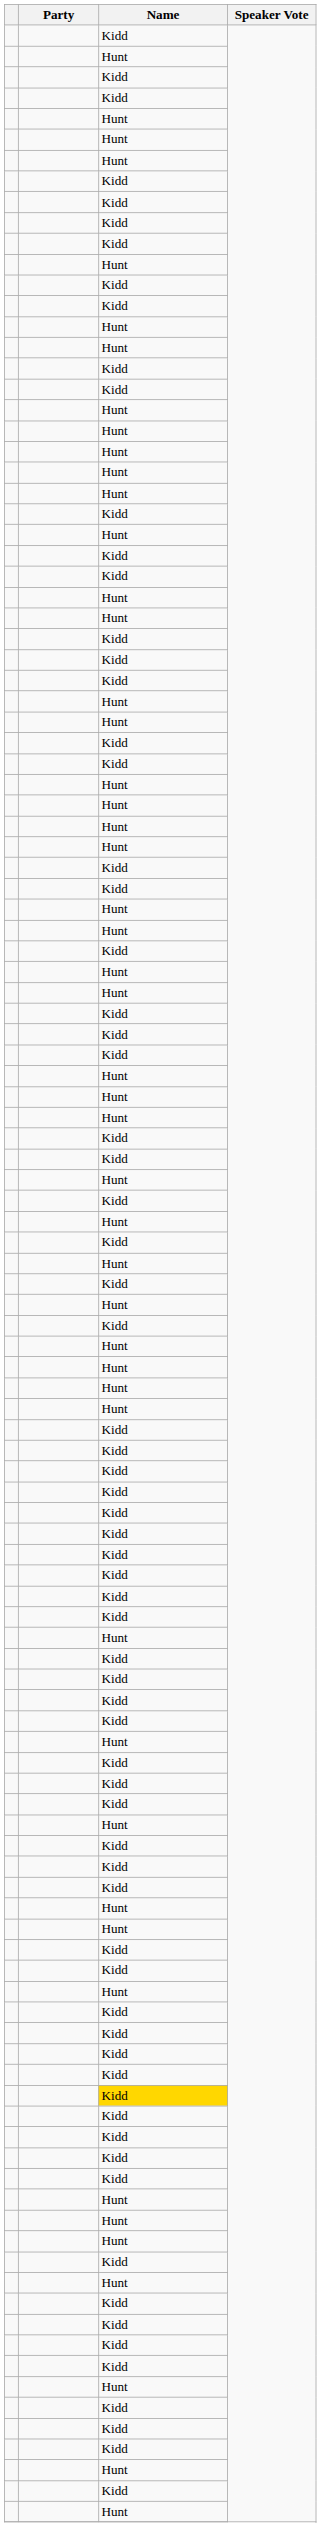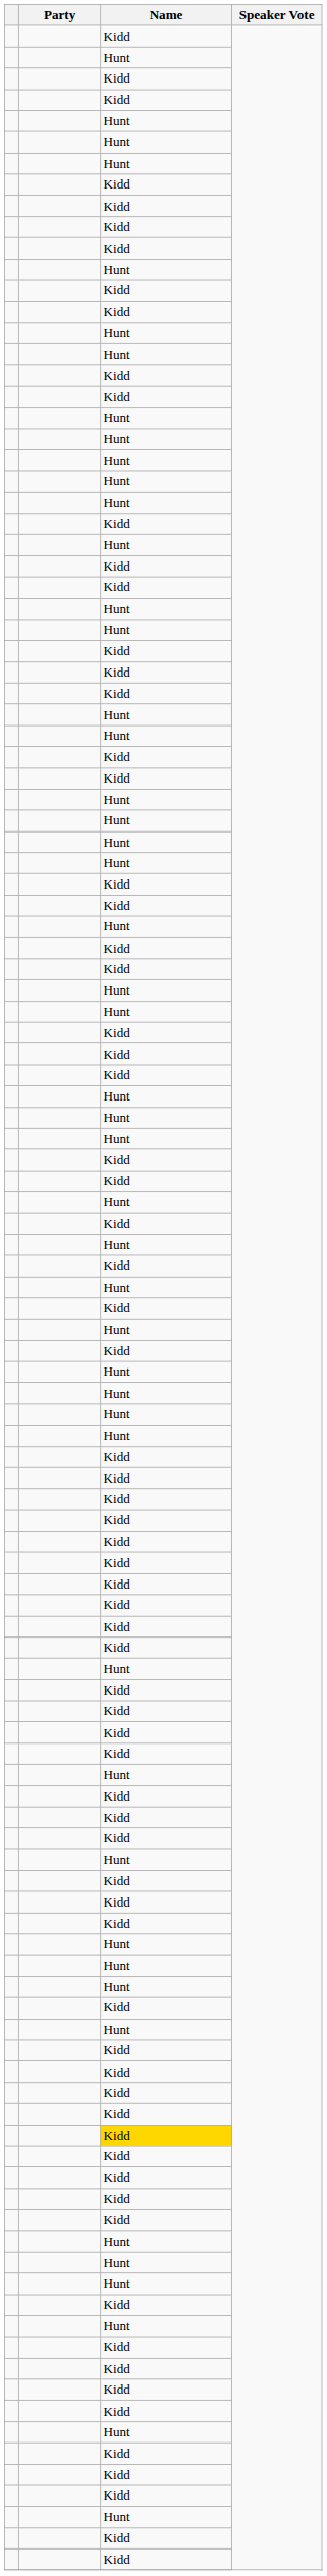 <table class="wikitable sortable mw-collapsible mw-collapsed">
 <tr>
 <th width=10 class=unsortable></th>
 <th width=90>Party</th>
 <th width=150>Name</th>
 <th width=100>Speaker Vote</th>
 </tr>
 <tr>
 <td></td>
 <td></td>
 <td>Kidd</td>
 </tr>
 <tr>
 <td></td>
 <td></td>
 <td>Hunt</td>
 </tr>
 <tr>
 <td></td>
 <td></td>
 <td>Kidd</td>
 </tr>
 <tr>
 <td></td>
 <td></td>
 <td>Kidd</td>
 </tr>
 <tr>
 <td></td>
 <td></td>
 <td>Hunt</td>
 </tr>
 <tr>
 <td></td>
 <td></td>
 <td>Hunt</td>
 </tr>
 <tr>
 <td></td>
 <td></td>
 <td>Hunt</td>
 </tr>
 <tr>
 <td></td>
 <td></td>
 <td>Kidd</td>
 </tr>
 <tr>
 <td></td>
 <td></td>
 <td>Kidd</td>
 </tr>
 <tr>
 <td></td>
 <td></td>
 <td>Kidd</td>
 </tr>
 <tr>
 <td></td>
 <td></td>
 <td>Kidd</td>
 </tr>
 <tr>
 <td></td>
 <td></td>
 <td>Hunt</td>
 </tr>
 <tr>
 <td></td>
 <td></td>
 <td>Kidd</td>
 </tr>
 <tr>
 <td></td>
 <td></td>
 <td>Kidd</td>
 </tr>
 <tr>
 <td></td>
 <td></td>
 <td>Hunt</td>
 </tr>
 <tr>
 <td></td>
 <td></td>
 <td>Hunt</td>
 </tr>
 <tr>
 <td></td>
 <td></td>
 <td>Kidd</td>
 </tr>
 <tr>
 <td></td>
 <td></td>
 <td>Kidd</td>
 </tr>
 <tr>
 <td></td>
 <td></td>
 <td>Hunt</td>
 </tr>
 <tr>
 <td></td>
 <td></td>
 <td>Hunt</td>
 </tr>
 <tr>
 <td></td>
 <td></td>
 <td>Hunt</td>
 </tr>
 <tr>
 <td></td>
 <td></td>
 <td>Hunt</td>
 </tr>
 <tr>
 <td></td>
 <td></td>
 <td>Hunt</td>
 </tr>
 <tr>
 <td></td>
 <td></td>
 <td>Kidd</td>
 </tr>
 <tr>
 <td></td>
 <td></td>
 <td>Hunt</td>
 </tr>
 <tr>
 <td></td>
 <td></td>
 <td>Kidd</td>
 </tr>
 <tr>
 <td></td>
 <td></td>
 <td>Kidd</td>
 </tr>
 <tr>
 <td></td>
 <td></td>
 <td>Hunt</td>
 </tr>
 <tr>
 <td></td>
 <td></td>
 <td>Hunt</td>
 </tr>
 <tr>
 <td></td>
 <td></td>
 <td>Kidd</td>
 </tr>
 <tr>
 <td></td>
 <td></td>
 <td>Kidd</td>
 </tr>
 <tr>
 <td></td>
 <td></td>
 <td>Kidd</td>
 </tr>
 <tr>
 <td></td>
 <td></td>
 <td>Hunt</td>
 </tr>
 <tr>
 <td></td>
 <td></td>
 <td>Hunt</td>
 </tr>
 <tr>
 <td></td>
 <td></td>
 <td>Kidd</td>
 </tr>
 <tr>
 <td></td>
 <td></td>
 <td>Kidd</td>
 </tr>
 <tr>
 <td></td>
 <td></td>
 <td>Hunt</td>
 </tr>
 <tr>
 <td></td>
 <td></td>
 <td>Hunt</td>
 </tr>
 <tr>
 <td></td>
 <td></td>
 <td>Hunt</td>
 </tr>
 <tr>
 <td></td>
 <td></td>
 <td>Hunt</td>
 </tr>
 <tr>
 <td></td>
 <td></td>
 <td>Kidd</td>
 </tr>
 <tr>
 <td></td>
 <td></td>
 <td>Kidd</td>
 </tr>
 <tr>
 <td></td>
 <td></td>
 <td>Hunt</td>
 </tr>
 <tr>
 <td></td>
 <td></td>
-<td>Hunt</td>
+<td>Kidd</td>
 </tr>
 <tr>
 <td></td>
 <td></td>
 <td>Kidd</td>
 </tr>
 <tr>
 <td></td>
 <td></td>
 <td>Hunt</td>
 </tr>
 <tr>
 <td></td>
 <td></td>
 <td>Hunt</td>
 </tr>
 <tr>
 <td></td>
 <td></td>
 <td>Kidd</td>
 </tr>
 <tr>
 <td></td>
 <td></td>
 <td>Kidd</td>
 </tr>
 <tr>
 <td></td>
 <td></td>
 <td>Kidd</td>
 </tr>
 <tr>
 <td></td>
 <td></td>
 <td>Hunt</td>
 </tr>
 <tr>
 <td></td>
 <td></td>
 <td>Hunt</td>
 </tr>
 <tr>
 <td></td>
 <td></td>
 <td>Hunt</td>
 </tr>
 <tr>
 <td></td>
 <td></td>
 <td>Kidd</td>
 </tr>
 <tr>
 <td></td>
 <td></td>
 <td>Kidd</td>
 </tr>
 <tr>
 <td></td>
 <td></td>
 <td>Hunt</td>
 </tr>
 <tr>
 <td></td>
 <td></td>
 <td>Kidd</td>
 </tr>
 <tr>
 <td></td>
 <td></td>
 <td>Hunt</td>
 </tr>
 <tr>
 <td></td>
 <td></td>
 <td>Kidd</td>
 </tr>
 <tr>
 <td></td>
 <td></td>
 <td>Hunt</td>
 </tr>
 <tr>
 <td></td>
 <td></td>
 <td>Kidd</td>
 </tr>
 <tr>
 <td></td>
 <td></td>
 <td>Hunt</td>
 </tr>
 <tr>
 <td></td>
 <td></td>
 <td>Kidd</td>
 </tr>
 <tr>
 <td></td>
 <td></td>
 <td>Hunt</td>
 </tr>
 <tr>
 <td></td>
 <td></td>
 <td>Hunt</td>
 </tr>
 <tr>
 <td></td>
 <td></td>
 <td>Hunt</td>
 </tr>
 <tr>
 <td></td>
 <td></td>
 <td>Hunt</td>
 </tr>
 <tr>
 <td></td>
 <td></td>
 <td>Kidd</td>
 </tr>
 <tr>
 <td></td>
 <td></td>
 <td>Kidd</td>
 </tr>
 <tr>
 <td></td>
 <td></td>
 <td>Kidd</td>
 </tr>
 <tr>
 <td></td>
 <td></td>
 <td>Kidd</td>
 </tr>
 <tr>
 <td></td>
 <td></td>
 <td>Kidd</td>
 </tr>
 <tr>
 <td></td>
 <td></td>
 <td>Kidd</td>
 </tr>
 <tr>
 <td></td>
 <td></td>
 <td>Kidd</td>
 </tr>
 <tr>
 <td></td>
 <td></td>
 <td>Kidd</td>
 </tr>
 <tr>
 <td></td>
 <td></td>
 <td>Kidd</td>
 </tr>
 <tr>
 <td></td>
 <td></td>
 <td>Kidd</td>
 </tr>
 <tr>
 <td></td>
 <td></td>
 <td>Hunt</td>
 </tr>
 <tr>
 <td></td>
 <td></td>
 <td>Kidd</td>
 </tr>
 <tr>
 <td></td>
 <td></td>
 <td>Kidd</td>
 </tr>
 <tr>
 <td></td>
 <td></td>
 <td>Kidd</td>
 </tr>
 <tr>
 <td></td>
 <td></td>
 <td>Kidd</td>
 </tr>
 <tr>
 <td></td>
 <td></td>
 <td>Hunt</td>
 </tr>
 <tr>
 <td></td>
 <td></td>
 <td>Kidd</td>
 </tr>
 <tr>
 <td></td>
 <td></td>
 <td>Kidd</td>
 </tr>
 <tr>
 <td></td>
 <td></td>
 <td>Kidd</td>
 </tr>
 <tr>
 <td></td>
 <td></td>
 <td>Hunt</td>
 </tr>
 <tr>
 <td></td>
 <td></td>
 <td>Kidd</td>
 </tr>
 <tr>
 <td></td>
 <td></td>
 <td>Kidd</td>
 </tr>
 <tr>
 <td></td>
 <td></td>
 <td>Kidd</td>
 </tr>
 <tr>
 <td></td>
 <td></td>
 <td>Hunt</td>
 </tr>
 <tr>
 <td></td>
 <td></td>
 <td>Hunt</td>
 </tr>
 <tr>
 <td></td>
 <td></td>
-<td>Kidd</td>
+<td>Hunt</td>
 </tr>
 <tr>
 <td></td>
 <td></td>
 <td>Kidd</td>
 </tr>
 <tr>
 <td></td>
 <td></td>
 <td>Hunt</td>
 </tr>
 <tr>
 <td></td>
 <td></td>
 <td>Kidd</td>
 </tr>
 <tr>
 <td></td>
 <td></td>
 <td>Kidd</td>
 </tr>
 <tr>
 <td></td>
 <td></td>
 <td>Kidd</td>
 </tr>
 <tr>
 <td></td>
 <td></td>
 <td>Kidd</td>
 </tr>
 <tr>
 <td></td>
 <td></td>
 <td style="background: gold;">Kidd</td>
 </tr>
 <tr>
 <td></td>
 <td></td>
 <td>Kidd</td>
 </tr>
 <tr>
 <td></td>
 <td></td>
 <td>Kidd</td>
 </tr>
 <tr>
 <td></td>
 <td></td>
 <td>Kidd</td>
 </tr>
 <tr>
 <td></td>
 <td></td>
 <td>Kidd</td>
 </tr>
 <tr>
 <td></td>
 <td></td>
 <td>Hunt</td>
 </tr>
 <tr>
 <td></td>
 <td></td>
 <td>Hunt</td>
 </tr>
 <tr>
 <td></td>
 <td></td>
 <td>Hunt</td>
 </tr>
 <tr>
 <td></td>
 <td></td>
 <td>Kidd</td>
 </tr>
 <tr>
 <td></td>
 <td></td>
 <td>Hunt</td>
 </tr>
 <tr>
 <td></td>
 <td></td>
 <td>Kidd</td>
 </tr>
 <tr>
 <td></td>
 <td></td>
 <td>Kidd</td>
 </tr>
 <tr>
 <td></td>
 <td></td>
 <td>Kidd</td>
 </tr>
 <tr>
 <td></td>
 <td></td>
 <td>Kidd</td>
 </tr>
 <tr>
 <td></td>
 <td></td>
 <td>Hunt</td>
 </tr>
 <tr>
 <td></td>
 <td></td>
 <td>Kidd</td>
 </tr>
 <tr>
 <td></td>
 <td></td>
 <td>Kidd</td>
 </tr>
 <tr>
 <td></td>
 <td></td>
 <td>Kidd</td>
 </tr>
 <tr>
 <td></td>
 <td></td>
 <td>Hunt</td>
 </tr>
 <tr>
 <td></td>
 <td></td>
 <td>Kidd</td>
 </tr>
 <tr>
 <td></td>
 <td></td>
-<td>Hunt</td>
+<td>Kidd</td>
 </tr>
 <tr>
 </tr>
 </table>
